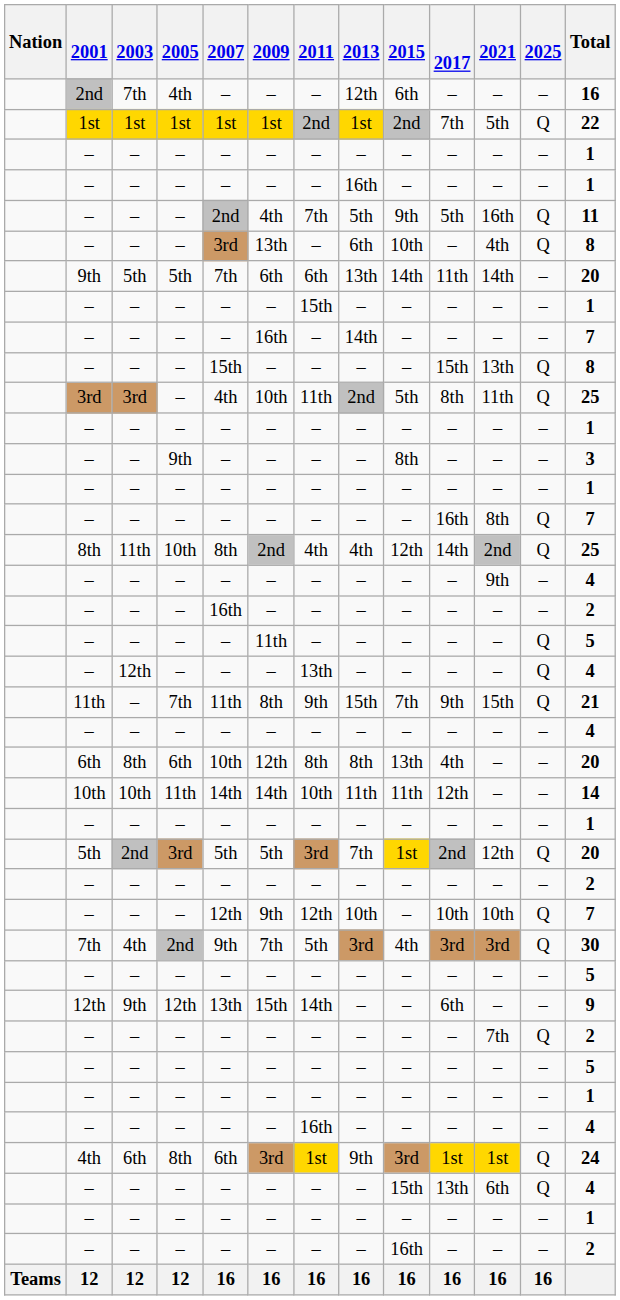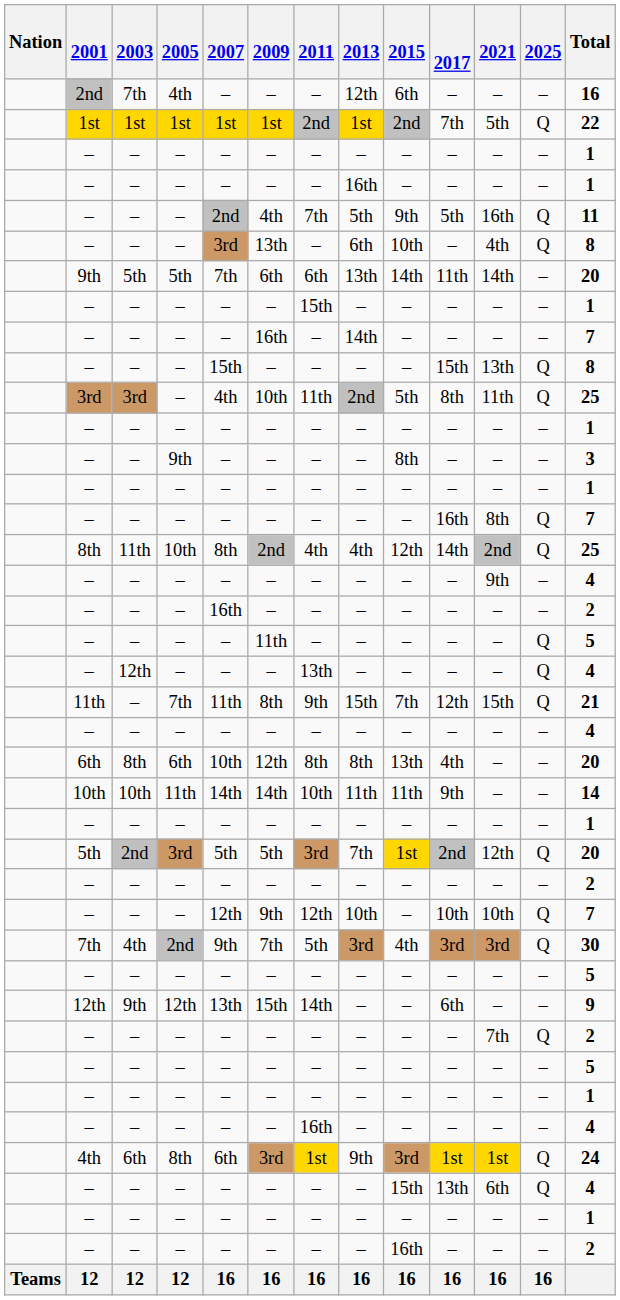 <table class="wikitable" style="font-size:90%; text-align:center;">
 <tr>
 <th>Nation</th>
 <th><br><a href='#'>2001</a></th>
 <th><br><a href='#'>2003</a></th>
 <th><br><a href='#'>2005</a></th>
 <th><br><a href='#'>2007</a></th>
 <th><br><a href='#'>2009</a></th>
 <th><br><a href='#'>2011</a></th>
 <th><br><a href='#'>2013</a></th>
 <th><br><a href='#'>2015</a></th>
 <th><br><br><a href='#'>2017</a></th>
 <th><br><a href='#'>2021</a></th>
 <th><br><a href='#'>2025</a></th>
 <th>Total</th>
 </tr>
 <tr>
 <td align=left></td>
 <td style="background:silver;">2nd</td>
 <td>7th</td>
 <td>4th</td>
 <td>–</td>
 <td>–</td>
 <td>–</td>
 <td>12th</td>
 <td>6th</td>
 <td>–</td>
 <td>–</td>
 <td>–</td>
 <td><strong>16</strong></td>
 </tr>
 <tr>
 <td align=left></td>
 <td style="background:gold;">1st</td>
 <td style="background:gold;">1st</td>
 <td style="background:gold;">1st</td>
 <td style="background:gold;">1st</td>
 <td style="background:gold;">1st</td>
 <td style="background:silver;">2nd</td>
 <td style="background:gold;">1st</td>
 <td style="background:silver;">2nd</td>
 <td>7th</td>
 <td>5th</td>
 <td>Q</td>
 <td><strong>22</strong></td>
 </tr>
 <tr>
 <td align=left></td>
 <td>–</td>
 <td>–</td>
 <td>–</td>
 <td>–</td>
 <td>–</td>
 <td>–</td>
 <td>–</td>
 <td>–</td>
 <td>–</td>
 <td>–</td>
 <td>–</td>
 <td><strong>1</strong></td>
 </tr>
 <tr>
 <td align=left></td>
 <td>–</td>
 <td>–</td>
 <td>–</td>
 <td>–</td>
 <td>–</td>
 <td>–</td>
 <td>16th</td>
 <td>–</td>
 <td>–</td>
 <td>–</td>
 <td>–</td>
 <td><strong>1</strong></td>
 </tr>
 <tr>
 <td align=left></td>
 <td>–</td>
 <td>–</td>
 <td>–</td>
 <td style="background:silver;">2nd</td>
 <td>4th</td>
 <td>7th</td>
 <td>5th</td>
 <td>9th</td>
 <td>5th</td>
 <td>16th</td>
 <td>Q</td>
 <td><strong>11</strong></td>
 </tr>
 <tr>
 <td align=left></td>
 <td>–</td>
 <td>–</td>
 <td>–</td>
 <td style="background:#c96;">3rd</td>
 <td>13th</td>
 <td>–</td>
 <td>6th</td>
 <td>10th</td>
 <td>–</td>
 <td>4th</td>
 <td>Q</td>
 <td><strong>8</strong></td>
 </tr>
 <tr>
 <td align=left></td>
 <td>9th</td>
 <td>5th</td>
 <td>5th</td>
 <td>7th</td>
 <td>6th</td>
 <td>6th</td>
 <td>13th</td>
 <td>14th</td>
 <td>11th</td>
 <td>14th</td>
 <td>–</td>
 <td><strong>20</strong></td>
 </tr>
 <tr>
 <td align=left></td>
 <td>–</td>
 <td>–</td>
 <td>–</td>
 <td>–</td>
 <td>–</td>
 <td>15th</td>
 <td>–</td>
 <td>–</td>
 <td>–</td>
 <td>–</td>
 <td>–</td>
 <td><strong>1</strong></td>
 </tr>
 <tr>
 <td align=left></td>
 <td>–</td>
 <td>–</td>
 <td>–</td>
 <td>–</td>
 <td>16th</td>
 <td>–</td>
 <td>14th</td>
 <td>–</td>
 <td>–</td>
 <td>–</td>
 <td>–</td>
 <td><strong>7</strong></td>
 </tr>
 <tr>
 <td align=left></td>
 <td>–</td>
 <td>–</td>
 <td>–</td>
 <td>15th</td>
 <td>–</td>
 <td>–</td>
 <td>–</td>
 <td>–</td>
 <td>15th</td>
 <td>13th</td>
 <td>Q</td>
 <td><strong>8</strong></td>
 </tr>
 <tr>
 <td align=left></td>
 <td style="background:#c96;">3rd</td>
 <td style="background:#c96;">3rd</td>
 <td>–</td>
 <td>4th</td>
 <td>10th</td>
 <td>11th</td>
 <td style="background:silver;">2nd</td>
 <td>5th</td>
 <td>8th</td>
 <td>11th</td>
 <td>Q</td>
 <td><strong>25</strong></td>
 </tr>
 <tr>
 <td align=left></td>
 <td>–</td>
 <td>–</td>
 <td>–</td>
 <td>–</td>
 <td>–</td>
 <td>–</td>
 <td>–</td>
 <td>–</td>
 <td>–</td>
 <td>–</td>
 <td>–</td>
 <td><strong>1</strong></td>
 </tr>
 <tr>
 <td align=left></td>
 <td>–</td>
 <td>–</td>
 <td>9th</td>
 <td>–</td>
 <td>–</td>
 <td>–</td>
 <td>–</td>
 <td>8th</td>
 <td>–</td>
 <td>–</td>
 <td>–</td>
 <td><strong>3</strong></td>
 </tr>
 <tr>
 <td align=left></td>
 <td>–</td>
 <td>–</td>
 <td>–</td>
 <td>–</td>
 <td>–</td>
 <td>–</td>
 <td>–</td>
 <td>–</td>
 <td>–</td>
 <td>–</td>
 <td>–</td>
 <td><strong>1</strong></td>
 </tr>
 <tr>
 <td align=left></td>
 <td>–</td>
 <td>–</td>
 <td>–</td>
 <td>–</td>
 <td>–</td>
 <td>–</td>
 <td>–</td>
 <td>–</td>
 <td>16th</td>
 <td>8th</td>
 <td>Q</td>
 <td><strong>7</strong></td>
 </tr>
 <tr>
 <td align=left></td>
 <td>8th</td>
 <td>11th</td>
 <td>10th</td>
 <td>8th</td>
 <td style="background:silver;">2nd</td>
 <td>4th</td>
 <td>4th</td>
 <td>12th</td>
 <td>14th</td>
 <td style="background:silver;">2nd</td>
 <td>Q</td>
 <td><strong>25</strong></td>
 </tr>
 <tr>
 <td align=left></td>
 <td>–</td>
 <td>–</td>
 <td>–</td>
 <td>–</td>
 <td>–</td>
 <td>–</td>
 <td>–</td>
 <td>–</td>
 <td>–</td>
 <td>9th</td>
 <td>–</td>
 <td><strong>4</strong></td>
 </tr>
 <tr>
 <td align=left></td>
 <td>–</td>
 <td>–</td>
 <td>–</td>
 <td>16th</td>
 <td>–</td>
 <td>–</td>
 <td>–</td>
 <td>–</td>
 <td>–</td>
 <td>–</td>
 <td>–</td>
 <td><strong>2</strong></td>
 </tr>
 <tr>
 <td align=left></td>
 <td>–</td>
 <td>–</td>
 <td>–</td>
 <td>–</td>
 <td>11th</td>
 <td>–</td>
 <td>–</td>
 <td>–</td>
 <td>–</td>
 <td>–</td>
 <td>Q</td>
 <td><strong>5</strong></td>
 </tr>
 <tr>
 <td align=left></td>
 <td>–</td>
 <td>12th</td>
 <td>–</td>
 <td>–</td>
 <td>–</td>
 <td>13th</td>
 <td>–</td>
 <td>–</td>
 <td>–</td>
 <td>–</td>
 <td>Q</td>
 <td><strong>4</strong></td>
 </tr>
 <tr>
 <td align=left></td>
 <td>11th</td>
 <td>–</td>
 <td>7th</td>
 <td>11th</td>
 <td>8th</td>
 <td>9th</td>
 <td>15th</td>
 <td>7th</td>
-<td>9th</td>
+<td>12th</td>
 <td>15th</td>
 <td>Q</td>
 <td><strong>21</strong></td>
 </tr>
 <tr>
 <td align=left></td>
 <td>–</td>
 <td>–</td>
 <td>–</td>
 <td>–</td>
 <td>–</td>
 <td>–</td>
 <td>–</td>
 <td>–</td>
 <td>–</td>
 <td>–</td>
 <td>–</td>
 <td><strong>4</strong></td>
 </tr>
 <tr>
 <td align=left></td>
 <td>6th</td>
 <td>8th</td>
 <td>6th</td>
 <td>10th</td>
 <td>12th</td>
 <td>8th</td>
 <td>8th</td>
 <td>13th</td>
 <td>4th</td>
 <td>–</td>
 <td>–</td>
 <td><strong>20</strong></td>
 </tr>
 <tr>
 <td align=left></td>
 <td>10th</td>
 <td>10th</td>
 <td>11th</td>
 <td>14th</td>
 <td>14th</td>
 <td>10th</td>
 <td>11th</td>
 <td>11th</td>
-<td>12th</td>
+<td>9th</td>
 <td>–</td>
 <td>–</td>
 <td><strong>14</strong></td>
 </tr>
 <tr>
 <td align=left></td>
 <td>–</td>
 <td>–</td>
 <td>–</td>
 <td>–</td>
 <td>–</td>
 <td>–</td>
 <td>–</td>
 <td>–</td>
 <td>–</td>
 <td>–</td>
 <td>–</td>
 <td><strong>1</strong></td>
 </tr>
 <tr>
 <td align=left></td>
 <td>5th</td>
 <td style="background:silver;">2nd</td>
 <td style="background:#c96;">3rd</td>
 <td>5th</td>
 <td>5th</td>
 <td style="background:#c96;">3rd</td>
 <td>7th</td>
 <td style="background:gold;">1st</td>
 <td style="background:silver;">2nd</td>
 <td>12th</td>
 <td>Q</td>
 <td><strong>20</strong></td>
 </tr>
 <tr>
 <td align=left></td>
 <td>–</td>
 <td>–</td>
 <td>–</td>
 <td>–</td>
 <td>–</td>
 <td>–</td>
 <td>–</td>
 <td>–</td>
 <td>–</td>
 <td>–</td>
 <td>–</td>
 <td><strong>2</strong></td>
 </tr>
 <tr>
 <td align=left></td>
 <td>–</td>
 <td>–</td>
 <td>–</td>
 <td>12th</td>
 <td>9th</td>
 <td>12th</td>
 <td>10th</td>
 <td>–</td>
 <td>10th</td>
 <td>10th</td>
 <td>Q</td>
 <td><strong>7</strong></td>
 </tr>
 <tr>
 <td align=left></td>
 <td>7th</td>
 <td>4th</td>
 <td style="background:silver;">2nd</td>
 <td>9th</td>
 <td>7th</td>
 <td>5th</td>
 <td style="background:#c96;">3rd</td>
 <td>4th</td>
 <td style="background:#c96;">3rd</td>
 <td style="background:#c96;">3rd</td>
 <td>Q</td>
 <td><strong>30</strong></td>
 </tr>
 <tr>
 <td align=left></td>
 <td>–</td>
 <td>–</td>
 <td>–</td>
 <td>–</td>
 <td>–</td>
 <td>–</td>
 <td>–</td>
 <td>–</td>
 <td>–</td>
 <td>–</td>
 <td>–</td>
 <td><strong>5</strong></td>
 </tr>
 <tr>
 <td align=left></td>
 <td>12th</td>
 <td>9th</td>
 <td>12th</td>
 <td>13th</td>
 <td>15th</td>
 <td>14th</td>
 <td>–</td>
 <td>–</td>
 <td>6th</td>
 <td>–</td>
 <td>–</td>
 <td><strong>9</strong></td>
 </tr>
 <tr>
 <td align=left></td>
 <td>–</td>
 <td>–</td>
 <td>–</td>
 <td>–</td>
 <td>–</td>
 <td>–</td>
 <td>–</td>
 <td>–</td>
 <td>–</td>
 <td>7th</td>
 <td>Q</td>
 <td><strong>2</strong></td>
 </tr>
 <tr>
 <td align=left></td>
 <td>–</td>
 <td>–</td>
 <td>–</td>
 <td>–</td>
 <td>–</td>
 <td>–</td>
 <td>–</td>
 <td>–</td>
 <td>–</td>
 <td>–</td>
 <td>–</td>
 <td><strong>5</strong></td>
 </tr>
 <tr>
 <td align=left></td>
 <td>–</td>
 <td>–</td>
 <td>–</td>
 <td>–</td>
 <td>–</td>
 <td>–</td>
 <td>–</td>
 <td>–</td>
 <td>–</td>
 <td>–</td>
 <td>–</td>
 <td><strong>1</strong></td>
 </tr>
 <tr>
 <td align=left></td>
 <td>–</td>
 <td>–</td>
 <td>–</td>
 <td>–</td>
 <td>–</td>
 <td>16th</td>
 <td>–</td>
 <td>–</td>
 <td>–</td>
 <td>–</td>
 <td>–</td>
 <td><strong>4</strong></td>
 </tr>
 <tr>
 <td align=left></td>
 <td>4th</td>
 <td>6th</td>
 <td>8th</td>
 <td>6th</td>
 <td style="background:#c96;">3rd</td>
 <td style="background:gold;">1st</td>
 <td>9th</td>
 <td style="background:#c96;">3rd</td>
 <td style="background:gold;">1st</td>
 <td style="background:gold;">1st</td>
 <td>Q</td>
 <td><strong>24</strong></td>
 </tr>
 <tr>
 <td align=left></td>
 <td>–</td>
 <td>–</td>
 <td>–</td>
 <td>–</td>
 <td>–</td>
 <td>–</td>
 <td>–</td>
 <td>15th</td>
 <td>13th</td>
 <td>6th</td>
 <td>Q</td>
 <td><strong>4</strong></td>
 </tr>
 <tr>
 <td align=left></td>
 <td>–</td>
 <td>–</td>
 <td>–</td>
 <td>–</td>
 <td>–</td>
 <td>–</td>
 <td>–</td>
 <td>–</td>
 <td>–</td>
 <td>–</td>
 <td>–</td>
 <td><strong>1</strong></td>
 </tr>
 <tr>
 <td align=left></td>
 <td>–</td>
 <td>–</td>
 <td>–</td>
 <td>–</td>
 <td>–</td>
 <td>–</td>
 <td>–</td>
 <td>16th</td>
 <td>–</td>
 <td>–</td>
 <td>–</td>
 <td><strong>2</strong></td>
 </tr>
 <tr>
 <th>Teams</th>
 <th>12</th>
 <th>12</th>
 <th>12</th>
 <th>16</th>
 <th>16</th>
 <th>16</th>
 <th>16</th>
 <th>16</th>
 <th>16</th>
 <th>16</th>
 <th>16</th>
 <th></th>
 </tr>
 </table>
